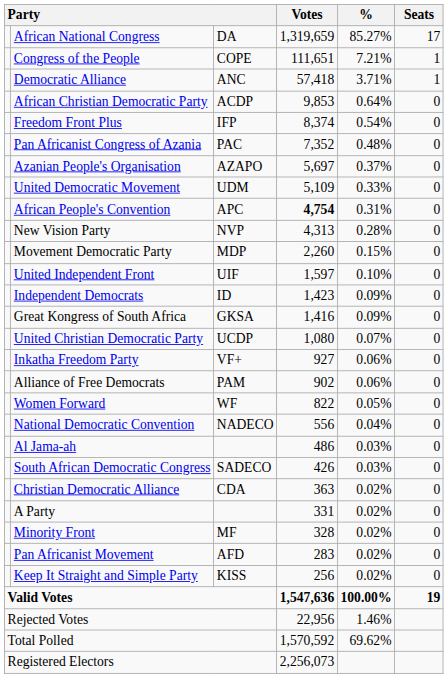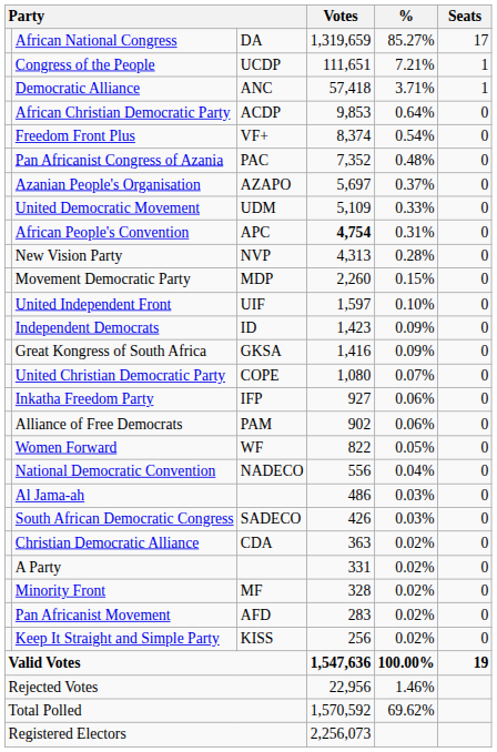 <table class="wikitable" border="1" style="text-align:right;">
 <tr>
 <th style="text-align:left;" colspan=3>Party</th>
 <th align=center width="50">Votes</th>
 <th align=center width="50">%</th>
 <th align=center width="50">Seats</th>
 </tr>
 <tr>
 <td style="background:"></td>
 <td align=left><a href='#'>African National Congress</a></td>
 <td align=left>DA</td>
 <td>1,319,659</td>
 <td>85.27%</td>
 <td>17</td>
 </tr>
 <tr>
 <td style="background:"></td>
 <td align=left><a href='#'>Congress of the People</a></td>
-<td align=left>COPE</td>
+<td align=left>UCDP</td>
 <td>111,651</td>
 <td>7.21%</td>
 <td>1</td>
 </tr>
 <tr>
 <td style="background:"></td>
 <td align=left><a href='#'>Democratic Alliance</a></td>
 <td align=left>ANC</td>
 <td>57,418</td>
 <td>3.71%</td>
 <td>1</td>
 </tr>
 <tr>
 <td style="background:"></td>
 <td align=left><a href='#'>African Christian Democratic Party</a></td>
 <td align=left>ACDP</td>
 <td>9,853</td>
 <td>0.64%</td>
 <td>0</td>
 </tr>
 <tr>
 <td style="background:"></td>
 <td align=left><a href='#'>Freedom Front Plus</a></td>
-<td align=left>IFP</td>
+<td align=left>VF+</td>
 <td>8,374</td>
 <td>0.54%</td>
 <td>0</td>
 </tr>
 <tr>
 <td style="background:"></td>
 <td align=left><a href='#'>Pan Africanist Congress of Azania</a></td>
 <td align=left>PAC</td>
 <td>7,352</td>
 <td>0.48%</td>
 <td>0</td>
 </tr>
 <tr>
 <td style="background:"></td>
 <td align=left><a href='#'>Azanian People's Organisation</a></td>
 <td align=left>AZAPO</td>
 <td>5,697</td>
 <td>0.37%</td>
 <td>0</td>
 </tr>
 <tr>
 <td style="background:"></td>
 <td align=left><a href='#'>United Democratic Movement</a></td>
 <td align=left>UDM</td>
 <td>5,109</td>
 <td>0.33%</td>
 <td>0</td>
 </tr>
 <tr>
 <td style="background:"></td>
 <td align=left><a href='#'>African People's Convention</a></td>
 <td align=left>APC</td>
 <td><strong>4,754</strong></td>
 <td>0.31%</td>
 <td>0</td>
 </tr>
 <tr>
 <td></td>
 <td align=left>New Vision Party</td>
 <td align=left>NVP</td>
 <td>4,313</td>
 <td>0.28%</td>
 <td>0</td>
 </tr>
 <tr>
 <td></td>
 <td align=left>Movement Democratic Party</td>
 <td align=left>MDP</td>
 <td>2,260</td>
 <td>0.15%</td>
 <td>0</td>
 </tr>
 <tr>
 <td style="background:"></td>
 <td align=left><a href='#'>United Independent Front</a></td>
 <td align=left>UIF</td>
 <td>1,597</td>
 <td>0.10%</td>
 <td>0</td>
 </tr>
 <tr>
 <td style="background:"></td>
 <td align=left><a href='#'>Independent Democrats</a></td>
 <td align=left>ID</td>
 <td>1,423</td>
 <td>0.09%</td>
 <td>0</td>
 </tr>
 <tr>
 <td></td>
 <td align=left>Great Kongress of South Africa</td>
 <td align=left>GKSA</td>
 <td>1,416</td>
 <td>0.09%</td>
 <td>0</td>
 </tr>
 <tr>
 <td style="background:"></td>
 <td align=left><a href='#'>United Christian Democratic Party</a></td>
-<td align=left>UCDP</td>
+<td align=left>COPE</td>
 <td>1,080</td>
 <td>0.07%</td>
 <td>0</td>
 </tr>
 <tr>
 <td style="background:"></td>
 <td align=left><a href='#'>Inkatha Freedom Party</a></td>
-<td align=left>VF+</td>
+<td align=left>IFP</td>
 <td>927</td>
 <td>0.06%</td>
 <td>0</td>
 </tr>
 <tr>
 <td></td>
 <td align=left>Alliance of Free Democrats</td>
 <td align=left>PAM</td>
 <td>902</td>
 <td>0.06%</td>
 <td>0</td>
 </tr>
 <tr>
 <td style="background:"></td>
 <td align=left><a href='#'>Women Forward</a></td>
 <td align=left>WF</td>
 <td>822</td>
 <td>0.05%</td>
 <td>0</td>
 </tr>
 <tr>
 <td style="background:"></td>
 <td align=left><a href='#'>National Democratic Convention</a></td>
 <td align=left>NADECO</td>
 <td>556</td>
 <td>0.04%</td>
 <td>0</td>
 </tr>
 <tr>
 <td style="background:"></td>
 <td align=left><a href='#'>Al Jama-ah</a></td>
 <td align=left></td>
 <td>486</td>
 <td>0.03%</td>
 <td>0</td>
 </tr>
 <tr>
 <td></td>
 <td align=left><a href='#'>South African Democratic Congress</a></td>
 <td align=left>SADECO</td>
 <td>426</td>
 <td>0.03%</td>
 <td>0</td>
 </tr>
 <tr>
 <td style="background:"></td>
 <td align=left><a href='#'>Christian Democratic Alliance</a></td>
 <td align=left>CDA</td>
 <td>363</td>
 <td>0.02%</td>
 <td>0</td>
 </tr>
 <tr>
 <td></td>
 <td align=left>A Party</td>
 <td align=left></td>
 <td>331</td>
 <td>0.02%</td>
 <td>0</td>
 </tr>
 <tr>
 <td style="background:"></td>
 <td align=left><a href='#'>Minority Front</a></td>
 <td align=left>MF</td>
 <td>328</td>
 <td>0.02%</td>
 <td>0</td>
 </tr>
 <tr>
 <td style="background:"></td>
 <td align=left><a href='#'>Pan Africanist Movement</a></td>
 <td align=left>AFD</td>
 <td>283</td>
 <td>0.02%</td>
 <td>0</td>
 </tr>
 <tr>
 <td style="background:"></td>
 <td align=left><a href='#'>Keep It Straight and Simple Party</a></td>
 <td align=left>KISS</td>
 <td>256</td>
 <td>0.02%</td>
 <td>0</td>
 </tr>
 <tr style="font-weight:bold">
 <td align=left colspan=3>Valid Votes</td>
 <td>1,547,636</td>
 <td>100.00%</td>
 <td>19</td>
 </tr>
 <tr>
 <td align=left colspan=3>Rejected Votes</td>
 <td>22,956</td>
 <td>1.46%</td>
 <td></td>
 </tr>
 <tr>
 <td align=left colspan=3>Total Polled</td>
 <td>1,570,592</td>
 <td>69.62%</td>
 <td></td>
 </tr>
 <tr>
 <td align=left colspan=3>Registered Electors</td>
 <td>2,256,073</td>
 <td></td>
 <td></td>
 </tr>
 </table>
